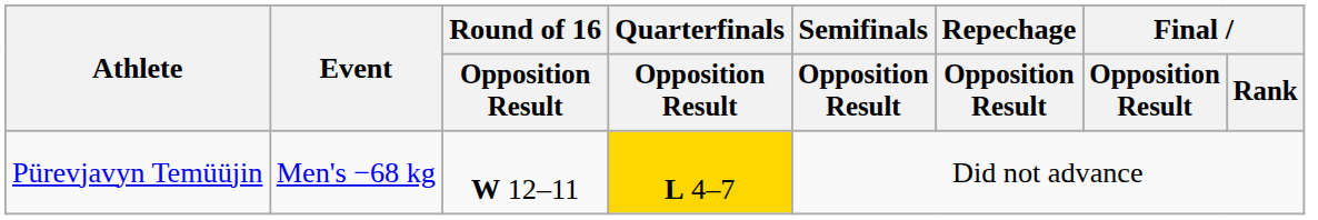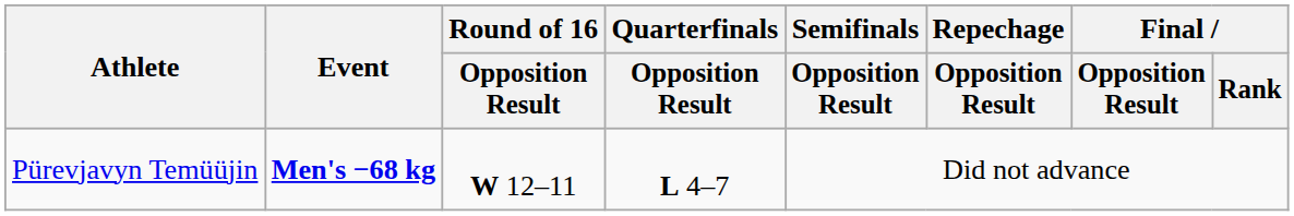 <table class="wikitable" style="font-size:90%;">
 <tr>
 <th rowspan=2>Athlete</th>
 <th rowspan=2>Event</th>
 <th>Round of 16</th>
 <th>Quarterfinals</th>
 <th>Semifinals</th>
 <th>Repechage</th>
 <th colspan=2>Final / </th>
 </tr>
 <tr style="font-size:95%">
 <th>Opposition<br>Result</th>
 <th>Opposition<br>Result</th>
 <th>Opposition<br>Result</th>
 <th>Opposition<br>Result</th>
 <th>Opposition<br>Result</th>
 <th>Rank</th>
 </tr>
 <tr align=center>
 <td align=left><a href='#'>Pürevjavyn Temüüjin</a></td>
-<td align=left><a href='#'>Men's −68 kg</a></td>
+<td align=left><strong><a href='#'>Men's −68 kg</a></strong></td>
 <td><br><strong>W</strong> 12–11</td>
-<td style="background: gold;"><br><strong>L</strong> 4–7</td>
+<td><br><strong>L</strong> 4–7</td>
 <td colspan=4>Did not advance</td>
 </tr>
 </table>
